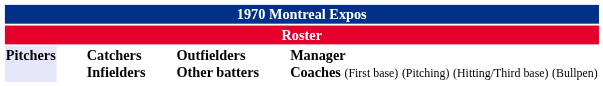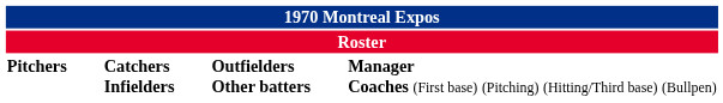 <table class="toccolours" style="font-size: 95%;">
 <tr>
 <th colspan="10" style="background-color: #003087; color: #FFFFFF; text-align: center;">1970 Montreal Expos</th>
 </tr>
 <tr>
 <td colspan="10" style="background-color: #E4002B; color: #FFFFFF; text-align: center;"><strong>Roster</strong></td>
 </tr>
 <tr>
-<td valign="top" style="background: lavender;"><strong>Pitchers</strong><br>                </td>
+<td valign="top"><strong>Pitchers</strong><br>                </td>
 <td width="25px"></td>
 <td valign="top"><strong>Catchers</strong><br>  <strong>Infielders</strong>           </td>
 <td width="25px"></td>
 <td valign="top"><strong>Outfielders</strong><br>        <strong>Other batters</strong>  </td>
 <td width="25px"></td>
 <td valign="top"><strong>Manager</strong><br> <strong>Coaches</strong>  <small>(First base)</small>  <small>(Pitching)</small>  <small>(Hitting/Third base)</small>  <small>(Bullpen)</small></td>
 </tr>
 <tr>
 </tr>
 </table>
